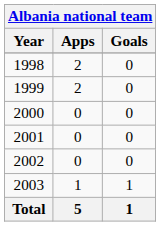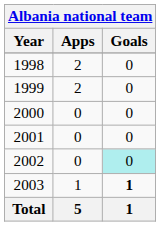 <table class="wikitable" style="text-align:center">
 <tr>
 <th colspan=3><a href='#'>Albania national team</a></th>
 </tr>
 <tr>
 <th>Year</th>
 <th>Apps</th>
 <th>Goals</th>
 </tr>
 <tr>
 </tr>
 <tr>
 <td>1998</td>
 <td>2</td>
 <td>0</td>
 </tr>
 <tr>
 <td>1999</td>
 <td>2</td>
 <td>0</td>
 </tr>
 <tr>
 <td>2000</td>
 <td>0</td>
 <td>0</td>
 </tr>
 <tr>
 <td>2001</td>
 <td>0</td>
 <td>0</td>
 </tr>
 <tr>
 <td>2002</td>
 <td>0</td>
-<td>0</td>
+<td style="background: paleturquoise;">0</td>
 </tr>
 <tr>
 <td>2003</td>
 <td>1</td>
-<td>1</td>
+<td><strong>1</strong></td>
 </tr>
 <tr>
 <th>Total</th>
 <th>5</th>
 <th>1</th>
 </tr>
 </table>
